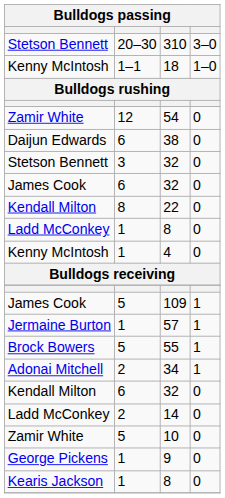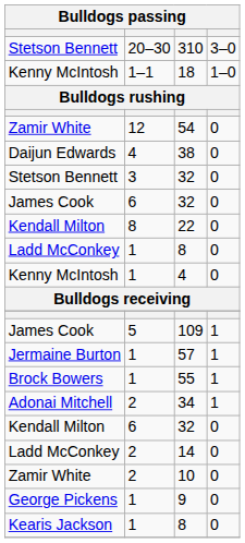 <table class="wikitable plainrowheaders">
 <tr>
 <th colspan="6">Bulldogs passing</th>
 </tr>
 <tr>
 <th scope="col"></th>
 <th scope="col"></th>
 <th scope="col"></th>
 <th scope="col"></th>
 </tr>
 <tr>
 <td><a href='#'>Stetson Bennett</a></td>
 <td>20–30</td>
 <td>310</td>
 <td>3–0</td>
 </tr>
 <tr>
 <td>Kenny McIntosh</td>
 <td>1–1</td>
 <td>18</td>
 <td>1–0</td>
 </tr>
 <tr>
 <th colspan="6">Bulldogs rushing</th>
 </tr>
 <tr>
 <th scope="col"></th>
 <th scope="col"></th>
 <th scope="col"></th>
 <th scope="col"></th>
 </tr>
 <tr>
 <td><a href='#'>Zamir White</a></td>
 <td>12</td>
 <td>54</td>
 <td>0</td>
 </tr>
 <tr>
 <td>Daijun Edwards</td>
-<td>6</td>
+<td>4</td>
 <td>38</td>
 <td>0</td>
 </tr>
 <tr>
 <td>Stetson Bennett</td>
 <td>3</td>
 <td>32</td>
 <td>0</td>
 </tr>
 <tr>
 <td>James Cook</td>
 <td>6</td>
 <td>32</td>
 <td>0</td>
 </tr>
 <tr>
 <td><a href='#'>Kendall Milton</a></td>
 <td>8</td>
 <td>22</td>
 <td>0</td>
 </tr>
 <tr>
 <td><a href='#'>Ladd McConkey</a></td>
 <td>1</td>
 <td>8</td>
 <td>0</td>
 </tr>
 <tr>
 <td>Kenny McIntosh</td>
 <td>1</td>
 <td>4</td>
 <td>0</td>
 </tr>
 <tr>
 <th colspan="6">Bulldogs receiving</th>
 </tr>
 <tr>
 </tr>
 <tr>
 <th scope="col"></th>
 <th scope="col"></th>
 <th scope="col"></th>
 <th scope="col"></th>
 </tr>
 <tr>
 <td>James Cook</td>
 <td>5</td>
 <td>109</td>
 <td>1</td>
 </tr>
 <tr>
 <td><a href='#'>Jermaine Burton</a></td>
 <td>1</td>
 <td>57</td>
 <td>1</td>
 </tr>
 <tr>
 <td><a href='#'>Brock Bowers</a></td>
-<td>5</td>
+<td>1</td>
 <td>55</td>
 <td>1</td>
 </tr>
 <tr>
 <td><a href='#'>Adonai Mitchell</a></td>
 <td>2</td>
 <td>34</td>
 <td>1</td>
 </tr>
 <tr>
 <td>Kendall Milton</td>
 <td>6</td>
 <td>32</td>
 <td>0</td>
 </tr>
 <tr>
 <td>Ladd McConkey</td>
 <td>2</td>
 <td>14</td>
 <td>0</td>
 </tr>
 <tr>
 <td>Zamir White</td>
-<td>5</td>
+<td>2</td>
 <td>10</td>
 <td>0</td>
 </tr>
 <tr>
 <td><a href='#'>George Pickens</a></td>
 <td>1</td>
 <td>9</td>
 <td>0</td>
 </tr>
 <tr>
 <td><a href='#'>Kearis Jackson</a></td>
 <td>1</td>
 <td>8</td>
 <td>0</td>
 </tr>
 <tr>
 </tr>
 </table>
